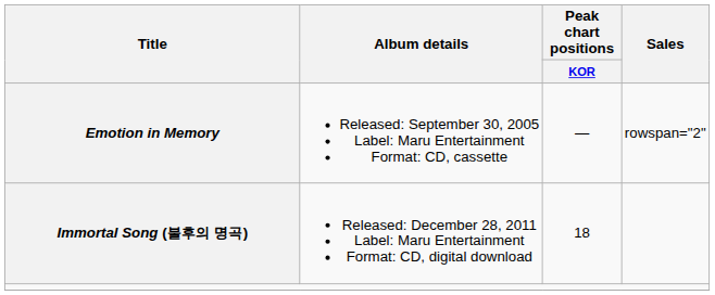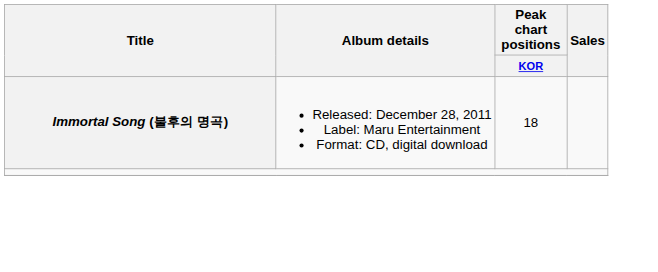 <table class="wikitable plainrowheaders" style="text-align:center;">
 <tr>
 <th scope="col" rowspan="2" style="width:20em;">Title</th>
 <th scope="col" rowspan="2">Album details</th>
 <th scope="col" colspan="1" style="width:5em;">Peak chart positions</th>
 <th scope="col" rowspan="2">Sales</th>
 </tr>
 <tr>
 <th><small><a href='#'>KOR</a></small><br></th>
-</tr>
-<tr>
-<th scope="row"><em>Emotion in Memory</em></th>
-<td><br><ul><li>Released: September 30, 2005</li><li>Label: Maru Entertainment</li><li>Format: CD, cassette</li></ul></td>
-<td>—</td>
-<td>rowspan="2" </td>
 </tr>
 <tr>
 <th scope="row"><em>Immortal Song</em> (불후의 명곡)</th>
 <td><br><ul><li>Released: December 28, 2011</li><li>Label: Maru Entertainment</li><li>Format: CD, digital download</li></ul></td>
 <td>18</td>
 </tr>
 <tr>
 <td colspan="4"></td>
 </tr>
 <tr>
 </tr>
 </table>
